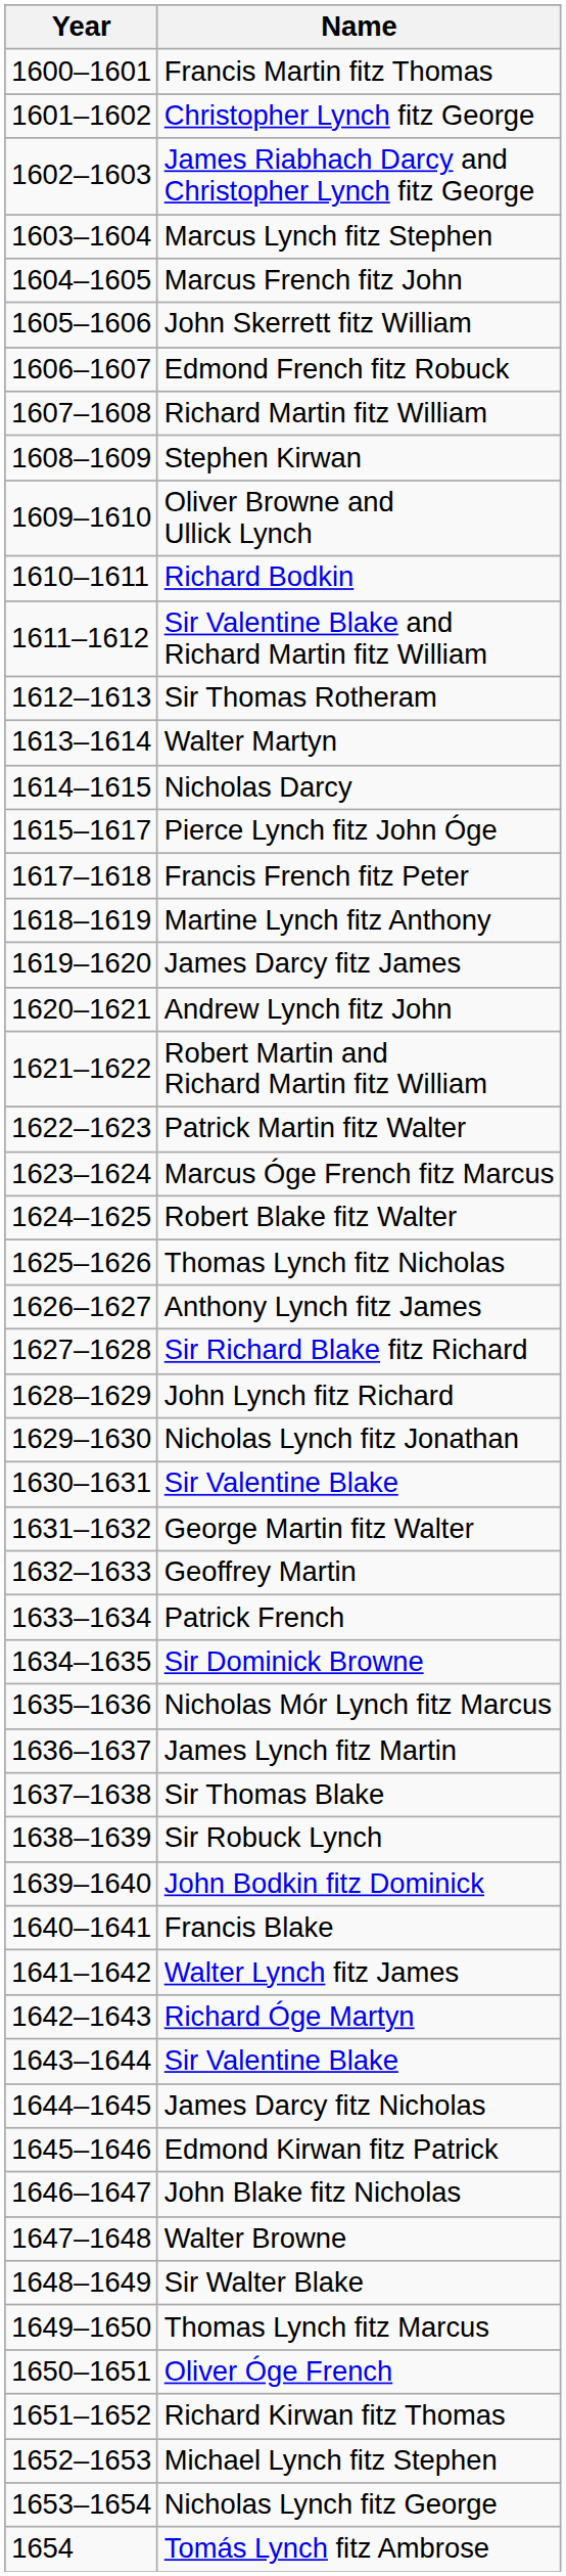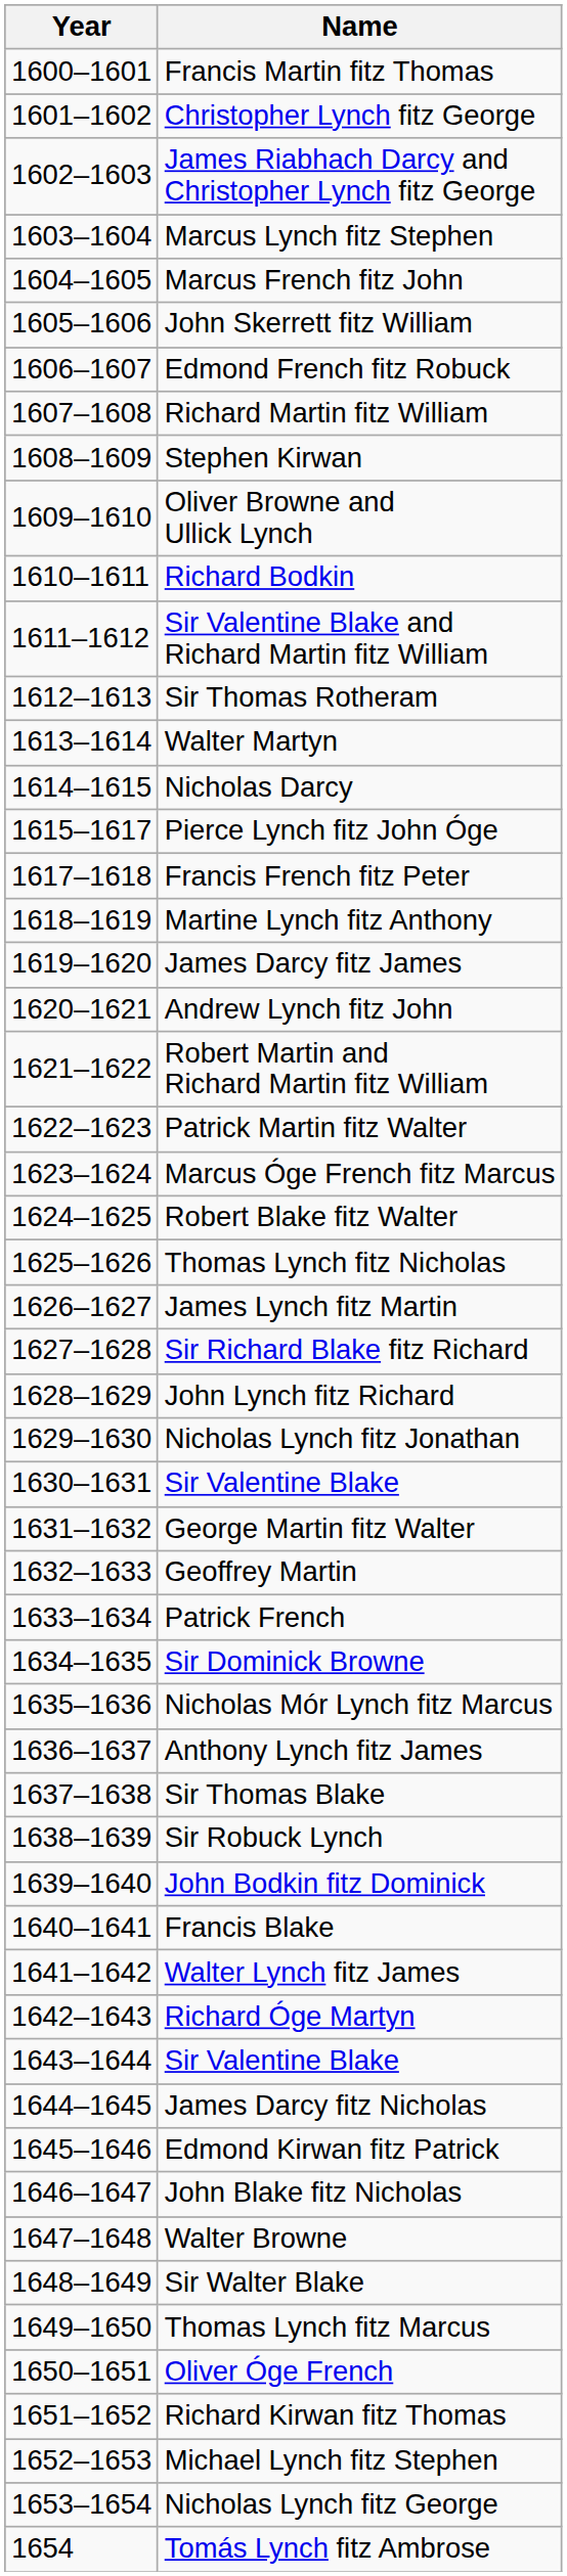 <table class="wikitable">
 <tr>
 <th>Year</th>
 <th>Name</th>
 </tr>
 <tr>
 <td>1600–1601</td>
 <td>Francis Martin fitz Thomas</td>
 </tr>
 <tr>
 <td>1601–1602</td>
 <td><a href='#'>Christopher Lynch</a> fitz George</td>
 </tr>
 <tr>
 <td>1602–1603</td>
 <td><a href='#'>James Riabhach Darcy</a> and<br><a href='#'>Christopher Lynch</a> fitz George</td>
 </tr>
 <tr>
 <td>1603–1604</td>
 <td>Marcus Lynch fitz Stephen</td>
 </tr>
 <tr>
 <td>1604–1605</td>
 <td>Marcus French fitz John</td>
 </tr>
 <tr>
 <td>1605–1606</td>
 <td>John Skerrett fitz William</td>
 </tr>
 <tr>
 <td>1606–1607</td>
 <td>Edmond French fitz Robuck</td>
 </tr>
 <tr>
 <td>1607–1608</td>
 <td>Richard Martin fitz William</td>
 </tr>
 <tr>
 <td>1608–1609</td>
 <td>Stephen Kirwan</td>
 </tr>
 <tr>
 <td>1609–1610</td>
 <td>Oliver Browne and<br>Ullick Lynch</td>
 </tr>
 <tr>
 <td>1610–1611</td>
 <td><a href='#'>Richard Bodkin</a></td>
 </tr>
 <tr>
 <td>1611–1612</td>
 <td><a href='#'>Sir Valentine Blake</a> and<br>Richard Martin fitz William</td>
 </tr>
 <tr>
 <td>1612–1613</td>
 <td>Sir Thomas Rotheram</td>
 </tr>
 <tr>
 <td>1613–1614</td>
 <td>Walter Martyn</td>
 </tr>
 <tr>
 <td>1614–1615</td>
 <td>Nicholas Darcy</td>
 </tr>
 <tr>
 <td>1615–1617</td>
 <td>Pierce Lynch fitz John Óge</td>
 </tr>
 <tr>
 <td>1617–1618</td>
 <td>Francis French fitz Peter</td>
 </tr>
 <tr>
 <td>1618–1619</td>
 <td>Martine Lynch fitz Anthony</td>
 </tr>
 <tr>
 <td>1619–1620</td>
 <td>James Darcy fitz James</td>
 </tr>
 <tr>
 <td>1620–1621</td>
 <td>Andrew Lynch fitz John</td>
 </tr>
 <tr>
 <td>1621–1622</td>
 <td>Robert Martin and<br>Richard Martin fitz William</td>
 </tr>
 <tr>
 <td>1622–1623</td>
 <td>Patrick Martin fitz Walter</td>
 </tr>
 <tr>
 <td>1623–1624</td>
 <td>Marcus Óge French fitz Marcus</td>
 </tr>
 <tr>
 <td>1624–1625</td>
 <td>Robert Blake fitz Walter</td>
 </tr>
 <tr>
 <td>1625–1626</td>
 <td>Thomas Lynch fitz Nicholas</td>
 </tr>
 <tr>
 <td>1626–1627</td>
-<td>Anthony Lynch fitz James</td>
+<td>James Lynch fitz Martin</td>
 </tr>
 <tr>
 <td>1627–1628</td>
 <td><a href='#'>Sir Richard Blake</a> fitz Richard</td>
 </tr>
 <tr>
 <td>1628–1629</td>
 <td>John Lynch fitz Richard</td>
 </tr>
 <tr>
 <td>1629–1630</td>
 <td>Nicholas Lynch fitz Jonathan</td>
 </tr>
 <tr>
 <td>1630–1631</td>
 <td><a href='#'>Sir Valentine Blake</a></td>
 </tr>
 <tr>
 <td>1631–1632</td>
 <td>George Martin fitz Walter</td>
 </tr>
 <tr>
 <td>1632–1633</td>
 <td>Geoffrey Martin</td>
 </tr>
 <tr>
 <td>1633–1634</td>
 <td>Patrick French</td>
 </tr>
 <tr>
 <td>1634–1635</td>
 <td><a href='#'>Sir Dominick Browne</a></td>
 </tr>
 <tr>
 <td>1635–1636</td>
 <td>Nicholas Mór Lynch fitz Marcus</td>
 </tr>
 <tr>
 <td>1636–1637</td>
-<td>James Lynch fitz Martin</td>
+<td>Anthony Lynch fitz James</td>
 </tr>
 <tr>
 <td>1637–1638</td>
 <td>Sir Thomas Blake</td>
 </tr>
 <tr>
 <td>1638–1639</td>
 <td>Sir Robuck Lynch</td>
 </tr>
 <tr>
 <td>1639–1640</td>
 <td><a href='#'>John Bodkin fitz Dominick</a></td>
 </tr>
 <tr>
 <td>1640–1641</td>
 <td>Francis Blake</td>
 </tr>
 <tr>
 <td>1641–1642</td>
 <td><a href='#'>Walter Lynch</a> fitz James</td>
 </tr>
 <tr>
 <td>1642–1643</td>
 <td><a href='#'>Richard Óge Martyn</a></td>
 </tr>
 <tr>
 <td>1643–1644</td>
 <td><a href='#'>Sir Valentine Blake</a></td>
 </tr>
 <tr>
 <td>1644–1645</td>
 <td>James Darcy fitz Nicholas</td>
 </tr>
 <tr>
 <td>1645–1646</td>
 <td>Edmond Kirwan fitz Patrick</td>
 </tr>
 <tr>
 <td>1646–1647</td>
 <td>John Blake fitz Nicholas</td>
 </tr>
 <tr>
 <td>1647–1648</td>
 <td>Walter Browne</td>
 </tr>
 <tr>
 <td>1648–1649</td>
 <td>Sir Walter Blake</td>
 </tr>
 <tr>
 <td>1649–1650</td>
 <td>Thomas Lynch fitz Marcus</td>
 </tr>
 <tr>
 <td>1650–1651</td>
 <td><a href='#'>Oliver Óge French</a></td>
 </tr>
 <tr>
 <td>1651–1652</td>
 <td>Richard Kirwan fitz Thomas</td>
 </tr>
 <tr>
 <td>1652–1653</td>
 <td>Michael Lynch fitz Stephen</td>
 </tr>
 <tr>
 <td>1653–1654</td>
 <td>Nicholas Lynch fitz George</td>
 </tr>
 <tr>
 <td>1654</td>
 <td><a href='#'>Tomás Lynch</a> fitz Ambrose</td>
 </tr>
 </table>
